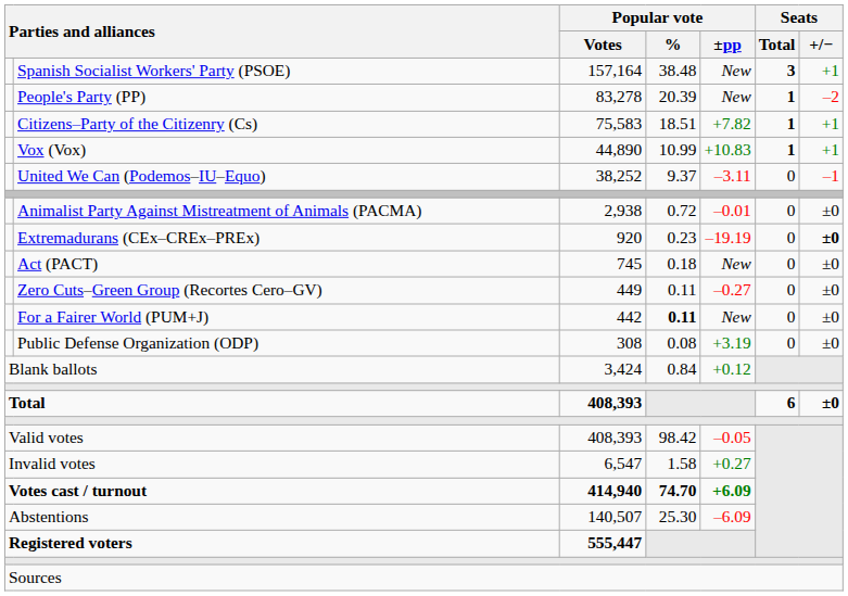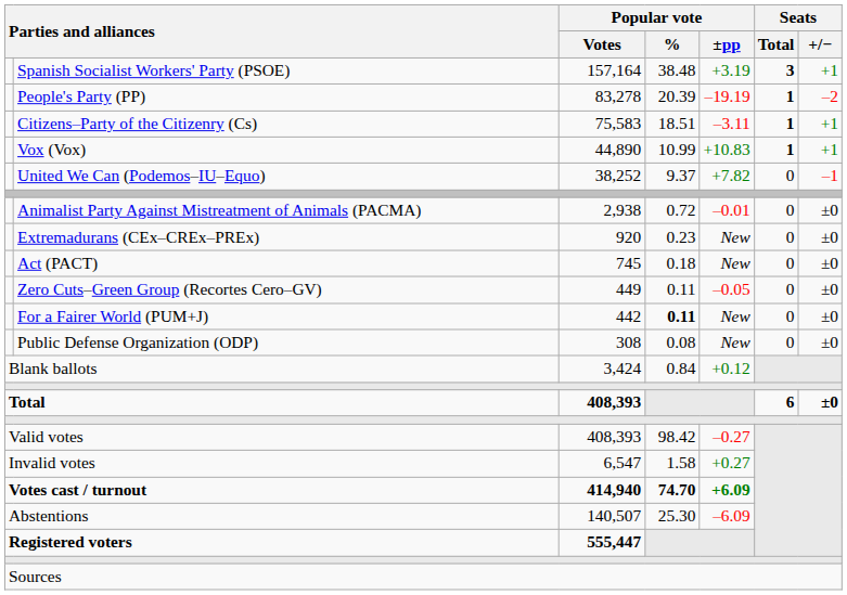 <table class="wikitable" style="text-align:right;">
 <tr>
 <th style="text-align:left;" rowspan="2" colspan="2" width="525">Parties and alliances</th>
 <th colspan="3">Popular vote</th>
 <th colspan="2">Seats</th>
 </tr>
 <tr>
 <th width="75">Votes</th>
 <th width="45">%</th>
 <th width="45">±<a href='#'>pp</a></th>
 <th width="35">Total</th>
 <th width="35">+/−</th>
 </tr>
 <tr>
 <td width="1" style="color:inherit;background:"></td>
 <td align="left"><a href='#'>Spanish Socialist Workers' Party</a> (PSOE)</td>
 <td>157,164</td>
 <td>38.48</td>
-<td><em>New</em></td>
+<td style="color:green;">+3.19</td>
 <td><strong>3</strong></td>
 <td style="color:green;">+1</td>
 </tr>
 <tr>
 <td style="color:inherit;background:"></td>
 <td align="left"><a href='#'>People's Party</a> (PP)</td>
 <td>83,278</td>
 <td>20.39</td>
-<td><em>New</em></td>
+<td style="color:red;">–19.19</td>
 <td><strong>1</strong></td>
 <td style="color:red;">–2</td>
 </tr>
 <tr>
 <td style="color:inherit;background:"></td>
 <td align="left"><a href='#'>Citizens–Party of the Citizenry</a> (Cs)</td>
 <td>75,583</td>
 <td>18.51</td>
-<td style="color:green;">+7.82</td>
+<td style="color:red;">–3.11</td>
 <td><strong>1</strong></td>
 <td style="color:green;">+1</td>
 </tr>
 <tr>
 <td style="color:inherit;background:"></td>
 <td align="left"><a href='#'>Vox</a> (Vox)</td>
 <td>44,890</td>
 <td>10.99</td>
 <td style="color:green;">+10.83</td>
 <td><strong>1</strong></td>
 <td style="color:green;">+1</td>
 </tr>
 <tr>
 <td style="color:inherit;background:"></td>
 <td align="left"><a href='#'>United We Can</a> (<a href='#'>Podemos</a>–<a href='#'>IU</a>–<a href='#'>Equo</a>)</td>
 <td>38,252</td>
 <td>9.37</td>
-<td style="color:red;">–3.11</td>
+<td style="color:green;">+7.82</td>
 <td>0</td>
 <td style="color:red;">–1</td>
 </tr>
 <tr>
 <td colspan="7" bgcolor="#C0C0C0"></td>
 </tr>
 <tr>
 <td style="color:inherit;background:"></td>
 <td align="left"><a href='#'>Animalist Party Against Mistreatment of Animals</a> (PACMA)</td>
 <td>2,938</td>
 <td>0.72</td>
 <td style="color:red;">–0.01</td>
 <td>0</td>
 <td>±0</td>
 </tr>
 <tr>
 <td style="color:inherit;background:"></td>
 <td align="left"><a href='#'>Extremadurans</a> (CEx–CREx–PREx)</td>
 <td>920</td>
 <td>0.23</td>
-<td style="color:red;">–19.19</td>
+<td><em>New</em></td>
 <td>0</td>
-<td><strong>±0</strong></td>
+<td>±0</td>
 </tr>
 <tr>
 <td style="color:inherit;background:"></td>
 <td align="left"><a href='#'>Act</a> (PACT)</td>
 <td>745</td>
 <td>0.18</td>
 <td><em>New</em></td>
 <td>0</td>
 <td>±0</td>
 </tr>
 <tr>
 <td style="color:inherit;background:"></td>
 <td align="left"><a href='#'>Zero Cuts</a>–<a href='#'>Green Group</a> (Recortes Cero–GV)</td>
 <td>449</td>
 <td>0.11</td>
-<td style="color:red;">–0.27</td>
+<td style="color:red;">–0.05</td>
 <td>0</td>
 <td>±0</td>
 </tr>
 <tr>
 <td style="color:inherit;background:"></td>
 <td align="left"><a href='#'>For a Fairer World</a> (PUM+J)</td>
 <td>442</td>
 <td><strong>0.11</strong></td>
 <td><em>New</em></td>
 <td>0</td>
 <td>±0</td>
 </tr>
 <tr>
 <td style="color:inherit;background:"></td>
 <td align="left">Public Defense Organization (ODP)</td>
 <td>308</td>
 <td>0.08</td>
-<td style="color:green;">+3.19</td>
+<td><em>New</em></td>
 <td>0</td>
 <td>±0</td>
 </tr>
 <tr>
 <td align="left" colspan="2">Blank ballots</td>
 <td>3,424</td>
 <td>0.84</td>
 <td style="color:green;">+0.12</td>
 <td bgcolor="#E9E9E9" colspan="2"></td>
 </tr>
 <tr>
 <td colspan="7" bgcolor="#E9E9E9"></td>
 </tr>
 <tr style="font-weight:bold;">
 <td align="left" colspan="2">Total</td>
 <td>408,393</td>
 <td bgcolor="#E9E9E9" colspan="2"></td>
 <td>6</td>
 <td>±0</td>
 </tr>
 <tr>
 <td colspan="7" bgcolor="#E9E9E9"></td>
 </tr>
 <tr>
 <td align="left" colspan="2">Valid votes</td>
 <td>408,393</td>
 <td>98.42</td>
-<td style="color:red;">–0.05</td>
+<td style="color:red;">–0.27</td>
 <td bgcolor="#E9E9E9" colspan="2" rowspan="5"></td>
 </tr>
 <tr>
 <td align="left" colspan="2">Invalid votes</td>
 <td>6,547</td>
 <td>1.58</td>
 <td style="color:green;">+0.27</td>
 </tr>
 <tr style="font-weight:bold;">
 <td align="left" colspan="2">Votes cast / turnout</td>
 <td>414,940</td>
 <td>74.70</td>
 <td style="color:green;">+6.09</td>
 </tr>
 <tr>
 <td align="left" colspan="2">Abstentions</td>
 <td>140,507</td>
 <td>25.30</td>
 <td style="color:red;">–6.09</td>
 </tr>
 <tr style="font-weight:bold;">
 <td align="left" colspan="2">Registered voters</td>
 <td>555,447</td>
 <td bgcolor="#E9E9E9" colspan="2"></td>
 </tr>
 <tr>
 <td colspan="7" bgcolor="#E9E9E9"></td>
 </tr>
 <tr>
 <td align="left" colspan="7">Sources</td>
 </tr>
 </table>
